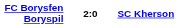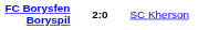 <table width=100% cellspacing=1>
 <tr>
 <th width=20%></th>
 <th width=12%></th>
 <th width=20%></th>
 <th></th>
 </tr>
 <tr style=font-size:90%>
 <td align=right><strong><a href='#'>FC Borysfen Boryspil</a></strong></td>
 <td align=center><strong>2:0</strong><br></td>
-<td><strong><a href='#'>SC Kherson</a></strong></td>
+<td><a href='#'>SC Kherson</a></td>
 <td align=center></td>
 </tr>
 </table>
